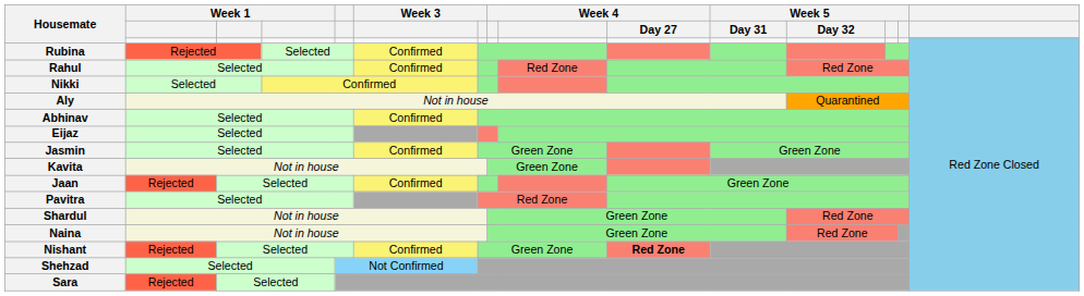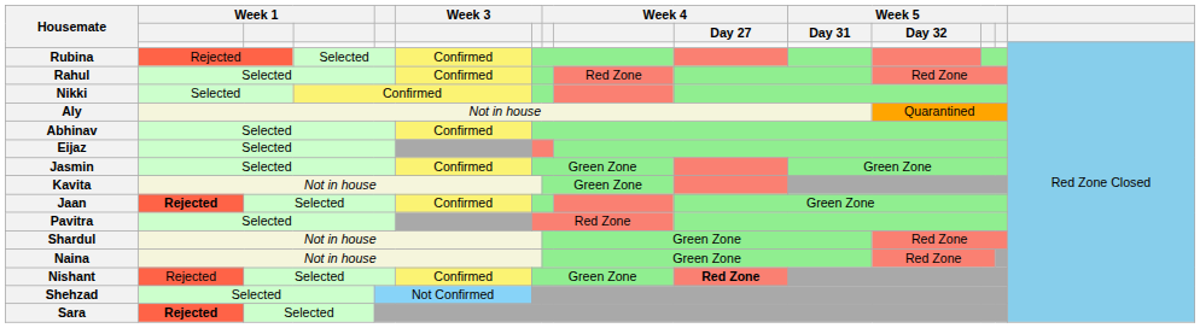 <table class="wikitable" style="text-align:center; width:100%; font-size:85%; font-family: sans-serif; line-height:13px;">
 <tr>
 <th rowspan="3">Housemate</th>
 <th colspan="3">Week 1</th>
 <th></th>
 <th colspan="2">Week 3</th>
 <th colspan="3">Week 4</th>
 <th colspan="4">Week 5</th>
 <th></th>
 </tr>
 <tr>
 <th></th>
 <th></th>
 <th></th>
 <th></th>
 <th></th>
 <th></th>
 <th></th>
 <th></th>
 <th>Day 27</th>
 <th>Day 31</th>
 <th>Day 32</th>
 <th></th>
 <th></th>
 <th></th>
 </tr>
 <tr>
 <td></td>
 <td></td>
 <td></td>
 <td></td>
 <td></td>
 <td></td>
 <td></td>
 <td></td>
 <td></td>
 <td></td>
 <td></td>
 <td></td>
 <td></td>
 <td rowspan="16" style="background:#87CEEB;">Red Zone Closed</td>
 </tr>
 <tr>
 <th>Rubina</th>
 <td colspan="2" style="background:tomato">Rejected</td>
 <td colspan="2" style="background:#cfc;">Selected</td>
 <td style="background:#FBF373;">Confirmed</td>
 <td colspan="3" style="background:lightgreen;"></td>
 <td style="background:salmon;"></td>
 <td style="background:lightgreen;"></td>
 <td style="background:salmon;"></td>
 <td colspan="2" style="background:lightgreen;"></td>
 </tr>
 <tr>
 <th>Rahul</th>
 <td colspan="4" style="background:#cfc;">Selected</td>
 <td style="background:#FBF373;">Confirmed</td>
 <td colspan="2" style="background:lightgreen;"></td>
 <td style="background:salmon;">Red Zone</td>
 <td colspan="2" style="background:lightgreen;"></td>
 <td colspan="3" style="background:salmon;">Red Zone</td>
 </tr>
 <tr>
 <th>Nikki</th>
 <td colspan="2" style="background:#cfc;">Selected</td>
 <td colspan="3" style="background:#FBF373;">Confirmed</td>
 <td colspan="2" style="background:lightgreen;"></td>
 <td style="background:salmon;" textcolor="white"></td>
 <td colspan="5" style="background:lightgreen;"></td>
 </tr>
 <tr>
 <th>Aly</th>
 <td colspan="10" style="background:beige;"><em>Not in house</em></td>
 <td colspan="3" style="background:orange;">Quarantined</td>
 </tr>
 <tr>
 <th>Abhinav</th>
 <td colspan="4" style="background:#cfc;">Selected</td>
 <td style="background:#FBF373;">Confirmed</td>
 <td colspan="8" style="background:lightgreen;"></td>
 </tr>
 <tr>
 <th>Eijaz</th>
 <td colspan="4" style="background:#cfc;">Selected</td>
 <td style="background:darkgrey"></td>
 <td colspan="2" style="background: salmon;"></td>
 <td colspan="6" style="background:lightgreen;"></td>
 </tr>
 <tr>
 <th>Jasmin</th>
 <td colspan="4" style="background:#cfc;">Selected</td>
 <td style="background:#FBF373;">Confirmed</td>
 <td colspan="3" style="background:lightgreen;">Green Zone</td>
 <td style="background:salmon;"></td>
 <td colspan="4" style="background:lightgreen;">Green Zone</td>
 </tr>
 <tr>
 <th>Kavita</th>
 <td colspan="6" style="background:beige;"><em>Not in house</em></td>
 <td colspan="2" style="background:lightgreen;">Green Zone</td>
 <td style="background:salmon;"></td>
 <td colspan="4" bgcolor="darkgrey"></td>
 </tr>
 <tr>
 <th>Jaan</th>
-<td style="background:tomato">Rejected</td>
+<td style="background:tomato"><strong>Rejected</strong></td>
 <td colspan="3" style="background:#cfc;">Selected</td>
 <td style="background:#FBF373;">Confirmed</td>
 <td colspan="2" style="background:lightgreen;"></td>
 <td style="background:salmon;"></td>
 <td colspan="5" style="background:lightgreen;">Green Zone</td>
 </tr>
 <tr>
 <th>Pavitra</th>
 <td colspan="4" style="background:#cfc;">Selected</td>
 <td style="background:darkgrey"></td>
 <td colspan="3" style="background:salmon;">Red Zone</td>
 <td colspan="5" style="background:lightgreen;"></td>
 </tr>
 <tr>
 <th>Shardul</th>
 <td colspan="6" style="background:beige;"><em>Not in house</em></td>
 <td colspan="4" style="background:lightgreen;">Green Zone</td>
 <td colspan="3" style="background:salmon;">Red Zone</td>
 </tr>
 <tr>
 <th>Naina</th>
 <td colspan="6" style="background:beige;"><em>Not in house</em></td>
 <td colspan="4" style="background:lightgreen;">Green Zone</td>
 <td colspan="2" style="background:salmon;">Red Zone</td>
 <td colspan="1" bgcolor="darkgrey"></td>
 </tr>
 <tr>
 <th>Nishant</th>
 <td style="background:tomato">Rejected</td>
 <td colspan="3" style="background:#cfc;">Selected</td>
 <td style="background:#FBF373;">Confirmed</td>
 <td colspan="3" style="background:lightgreen;">Green Zone</td>
 <td style="background:salmon;"><strong>Red Zone</strong></td>
 <td colspan="4" bgcolor="darkgrey"></td>
 </tr>
 <tr>
 <th>Shehzad</th>
 <td colspan="3" style="background:#cfc;">Selected</td>
 <td colspan="2" style="background:#87D3F8;">Not Confirmed</td>
 <td colspan="8" style="background: darkgray"></td>
 </tr>
 <tr>
 <th>Sara</th>
-<td style="background:tomato">Rejected</td>
+<td style="background:tomato"><strong>Rejected</strong></td>
 <td colspan="2" style="background:#cfc;">Selected</td>
 <td colspan="10" style="background: darkgray"></td>
 </tr>
 </table>
